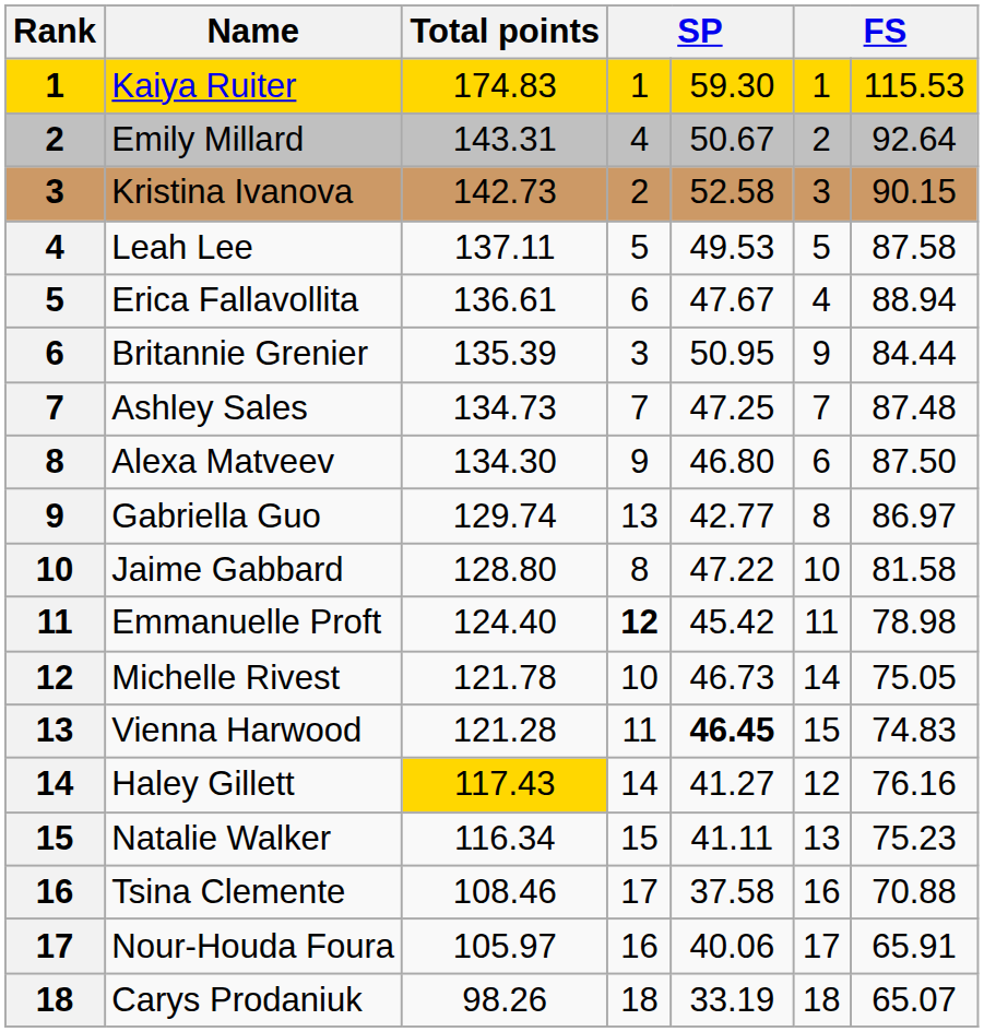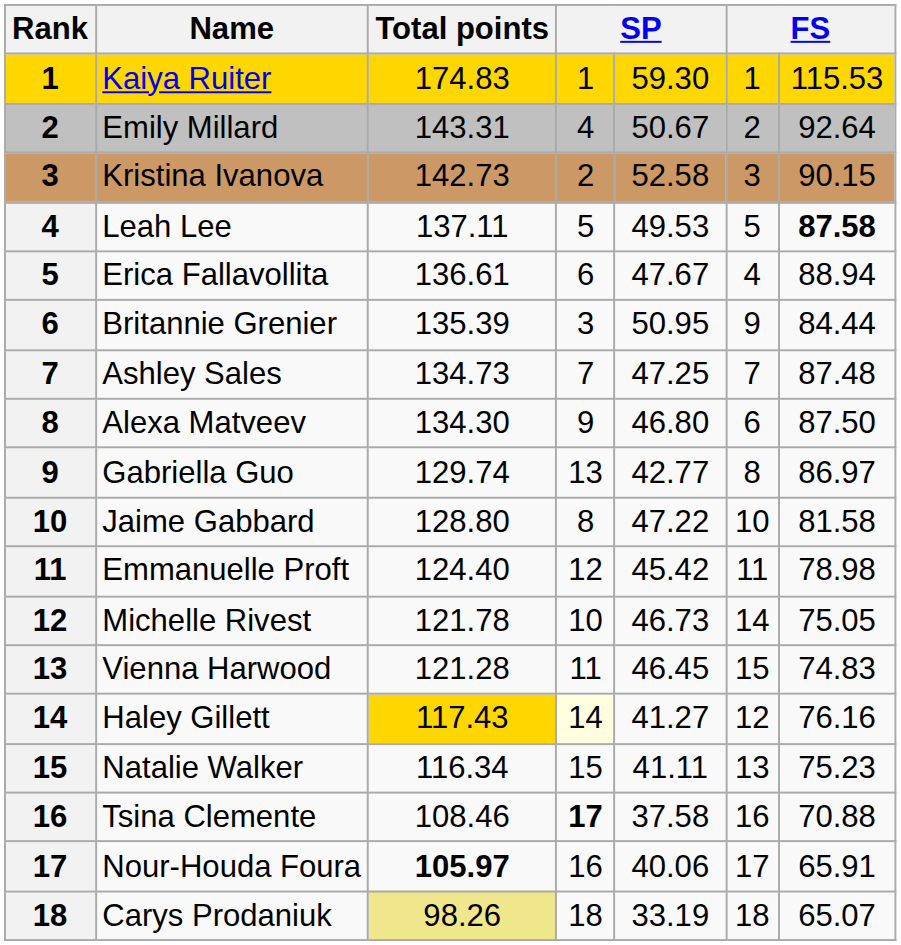 <table class="wikitable sortable">
 <tr>
 <th>Rank</th>
 <th>Name</th>
 <th>Total points</th>
 <th colspan="2" width="80px"><a href='#'>SP</a></th>
 <th colspan="2" width="80px"><a href='#'>FS</a></th>
 </tr>
 <tr bgcolor="gold">
 <td align="center"><strong>1</strong></td>
 <td><a href='#'>Kaiya Ruiter</a></td>
 <td align="center">174.83</td>
 <td align="center">1</td>
 <td align="center">59.30</td>
 <td align="center">1</td>
 <td align="center">115.53</td>
 </tr>
 <tr bgcolor="silver">
 <td align="center"><strong>2</strong></td>
 <td>Emily Millard</td>
 <td align="center">143.31</td>
 <td align="center">4</td>
 <td align="center">50.67</td>
 <td align="center">2</td>
 <td align="center">92.64</td>
 </tr>
 <tr bgcolor="cc9966">
 <td align="center"><strong>3</strong></td>
 <td>Kristina Ivanova</td>
 <td align="center">142.73</td>
 <td align="center">2</td>
 <td align="center">52.58</td>
 <td align="center">3</td>
 <td align="center">90.15</td>
 </tr>
 <tr>
 <th>4</th>
 <td>Leah Lee</td>
 <td align="center">137.11</td>
 <td align="center">5</td>
 <td align="center">49.53</td>
 <td align="center">5</td>
-<td align="center">87.58</td>
+<td align="center"><strong>87.58</strong></td>
 </tr>
 <tr>
 <th>5</th>
 <td>Erica Fallavollita</td>
 <td align="center">136.61</td>
 <td align="center">6</td>
 <td align="center">47.67</td>
 <td align="center">4</td>
 <td align="center">88.94</td>
 </tr>
 <tr>
 <th>6</th>
 <td>Britannie Grenier</td>
 <td align="center">135.39</td>
 <td align="center">3</td>
 <td align="center">50.95</td>
 <td align="center">9</td>
 <td align="center">84.44</td>
 </tr>
 <tr>
 <th>7</th>
 <td>Ashley Sales</td>
 <td align="center">134.73</td>
 <td align="center">7</td>
 <td align="center">47.25</td>
 <td align="center">7</td>
 <td align="center">87.48</td>
 </tr>
 <tr>
 <th>8</th>
 <td>Alexa Matveev</td>
 <td align="center">134.30</td>
 <td align="center">9</td>
 <td align="center">46.80</td>
 <td align="center">6</td>
 <td align="center">87.50</td>
 </tr>
 <tr>
 <th>9</th>
 <td>Gabriella Guo</td>
 <td align="center">129.74</td>
 <td align="center">13</td>
 <td align="center">42.77</td>
 <td align="center">8</td>
 <td align="center">86.97</td>
 </tr>
 <tr>
 <th>10</th>
 <td>Jaime Gabbard</td>
 <td align="center">128.80</td>
 <td align="center">8</td>
 <td align="center">47.22</td>
 <td align="center">10</td>
 <td align="center">81.58</td>
 </tr>
 <tr>
 <th>11</th>
 <td>Emmanuelle Proft</td>
 <td align="center">124.40</td>
-<td align="center"><strong>12</strong></td>
+<td align="center">12</td>
 <td align="center">45.42</td>
 <td align="center">11</td>
 <td align="center">78.98</td>
 </tr>
 <tr>
 <th>12</th>
 <td>Michelle Rivest</td>
 <td align="center">121.78</td>
 <td align="center">10</td>
 <td align="center">46.73</td>
 <td align="center">14</td>
 <td align="center">75.05</td>
 </tr>
 <tr>
 <th>13</th>
 <td>Vienna Harwood</td>
 <td align="center">121.28</td>
 <td align="center">11</td>
-<td align="center"><strong>46.45</strong></td>
+<td align="center">46.45</td>
 <td align="center">15</td>
 <td align="center">74.83</td>
 </tr>
 <tr>
 <th>14</th>
 <td>Haley Gillett</td>
 <td align="center" style="background: gold;">117.43</td>
-<td align="center">14</td>
+<td align="center" style="background: lightyellow;">14</td>
 <td align="center">41.27</td>
 <td align="center">12</td>
 <td align="center">76.16</td>
 </tr>
 <tr>
 <th>15</th>
 <td>Natalie Walker</td>
 <td align="center">116.34</td>
 <td align="center">15</td>
 <td align="center">41.11</td>
 <td align="center">13</td>
 <td align="center">75.23</td>
 </tr>
 <tr>
 <th>16</th>
 <td>Tsina Clemente</td>
 <td align="center">108.46</td>
-<td align="center">17</td>
+<td align="center"><strong>17</strong></td>
 <td align="center">37.58</td>
 <td align="center">16</td>
 <td align="center">70.88</td>
 </tr>
 <tr>
 <th>17</th>
 <td>Nour-Houda Foura</td>
-<td align="center">105.97</td>
+<td align="center"><strong>105.97</strong></td>
 <td align="center">16</td>
 <td align="center">40.06</td>
 <td align="center">17</td>
 <td align="center">65.91</td>
 </tr>
 <tr>
 <th>18</th>
 <td>Carys Prodaniuk</td>
-<td align="center">98.26</td>
+<td align="center" style="background: khaki;">98.26</td>
 <td align="center">18</td>
 <td align="center">33.19</td>
 <td align="center">18</td>
 <td align="center">65.07</td>
 </tr>
 </table>
